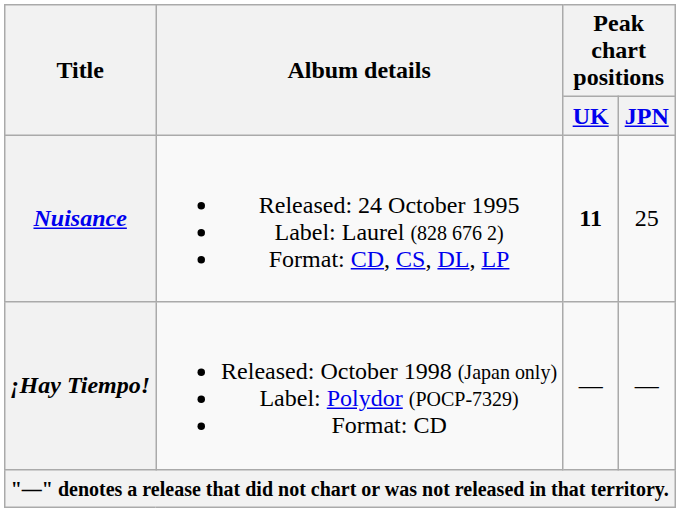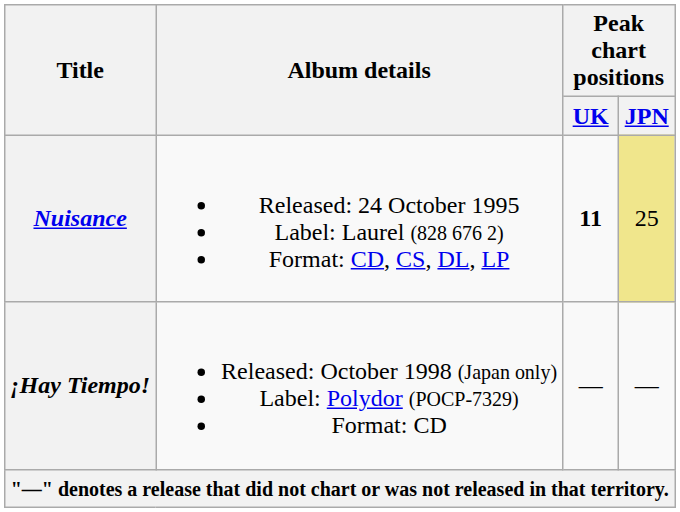 <table class="wikitable plainrowheaders" style="text-align:center;">
 <tr>
 <th scope="col" rowspan="2">Title</th>
 <th scope="col" rowspan="2">Album details</th>
 <th scope="col" colspan="2">Peak chart positions</th>
 </tr>
 <tr>
 <th style="width:30px;"><a href='#'>UK</a></th>
 <th style="width:30px;"><a href='#'>JPN</a></th>
 </tr>
 <tr>
 <th scope="row"><strong><em><a href='#'>Nuisance</a></em></strong></th>
 <td><br><ul><li>Released: 24 October 1995</li><li>Label: Laurel <small>(828 676 2)</small></li><li>Format: <a href='#'>CD</a>, <a href='#'>CS</a>, <a href='#'>DL</a>, <a href='#'>LP</a></li></ul></td>
 <td style="text-align:center;"><strong>11</strong></td>
-<td style="text-align:center;">25</td>
+<td style="background: khaki; text-align:center;">25</td>
 </tr>
 <tr>
 <th scope="row"><strong><em>¡Hay Tiempo!</em></strong></th>
 <td><br><ul><li>Released: October 1998 <small>(Japan only)</small></li><li>Label: <a href='#'>Polydor</a> <small>(POCP-7329)</small></li><li>Format: CD</li></ul></td>
 <td style="text-align:center;">—</td>
 <td style="text-align:center;">—</td>
 </tr>
 <tr>
 <th colspan="6"><small>"—" denotes a release that did not chart or was not released in that territory.</small></th>
 </tr>
 </table>
